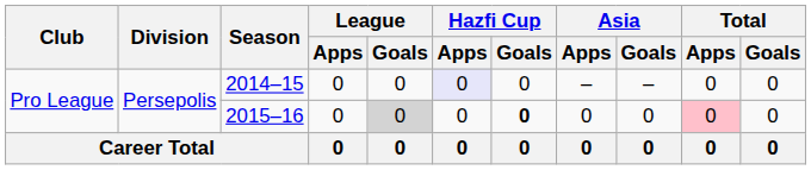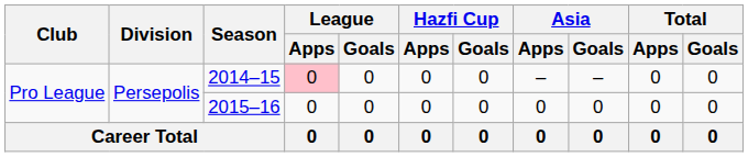 <table class="wikitable" style="text-align: center;">
 <tr>
 <th rowspan="2">Club</th>
 <th rowspan="2">Division</th>
 <th rowspan="2">Season</th>
 <th colspan="2">League</th>
 <th colspan="2"><a href='#'>Hazfi Cup</a></th>
 <th colspan="2"><a href='#'>Asia</a></th>
 <th colspan="2">Total</th>
 </tr>
 <tr>
 <th>Apps</th>
 <th>Goals</th>
 <th>Apps</th>
 <th>Goals</th>
 <th>Apps</th>
 <th>Goals</th>
 <th>Apps</th>
 <th>Goals</th>
 </tr>
 <tr>
 <td rowspan="2"><a href='#'>Pro League</a></td>
 <td rowspan="2"><a href='#'>Persepolis</a></td>
 <td><a href='#'>2014–15</a></td>
+<td style="background: pink;">0</td>
 <td>0</td>
 <td>0</td>
-<td style="background: lavender;">0</td>
 <td>0</td>
 <td>–</td>
 <td>–</td>
 <td>0</td>
 <td>0</td>
 </tr>
 <tr>
 <td><a href='#'>2015–16</a></td>
 <td>0</td>
-<td style="background: lightgrey;">0</td>
-<td>0</td>
-<td><strong>0</strong></td>
 <td>0</td>
 <td>0</td>
-<td style="background: pink;">0</td>
+<td>0</td>
+<td>0</td>
+<td>0</td>
+<td>0</td>
 <td>0</td>
 </tr>
 <tr>
 <th colspan=3>Career Total</th>
 <th>0</th>
 <th>0</th>
 <th>0</th>
 <th>0</th>
 <th>0</th>
 <th>0</th>
 <th>0</th>
 <th>0</th>
 </tr>
 </table>
